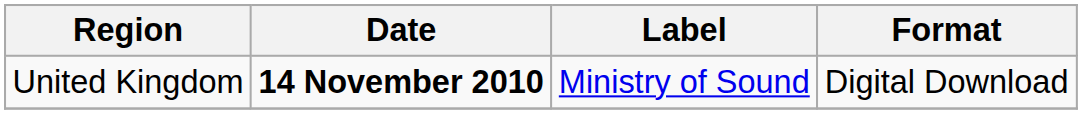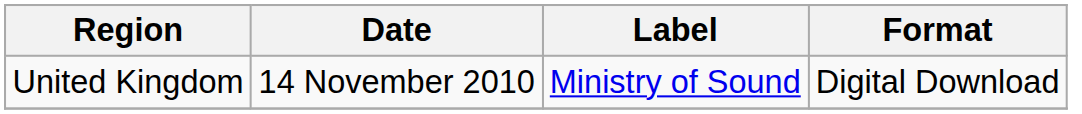 <table class=wikitable>
 <tr>
 <th>Region</th>
 <th>Date</th>
 <th>Label</th>
 <th>Format</th>
 </tr>
 <tr>
 <td>United Kingdom</td>
-<td><strong>14 November 2010</strong></td>
+<td>14 November 2010</td>
 <td><a href='#'>Ministry of Sound</a></td>
 <td>Digital Download</td>
 </tr>
 <tr>
 </tr>
 </table>
